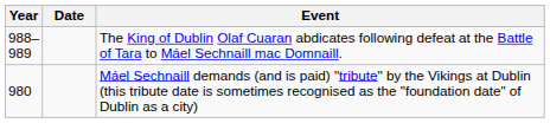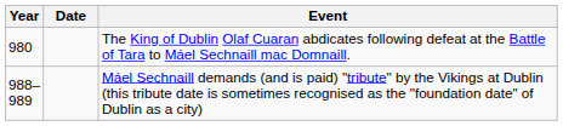 <table class="wikitable" width="100%">
 <tr>
 <th style="width:6%">Year</th>
 <th style="width:10%">Date</th>
 <th>Event</th>
 </tr>
 <tr>
-<td>988–989</td>
+<td>980</td>
 <td></td>
 <td>The <a href='#'>King of Dublin</a> <a href='#'>Olaf Cuaran</a> abdicates following defeat at the <a href='#'>Battle of Tara</a> to <a href='#'>Máel Sechnaill mac Domnaill</a>.</td>
 </tr>
 <tr>
-<td>980</td>
+<td>988–989</td>
 <td></td>
 <td><a href='#'>Máel Sechnaill</a> demands (and is paid) "<a href='#'>tribute</a>" by the Vikings at Dublin (this tribute date is sometimes recognised as the "foundation date" of Dublin as a city)</td>
 </tr>
 </table>
